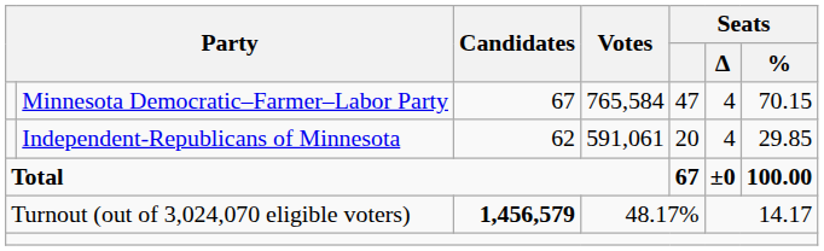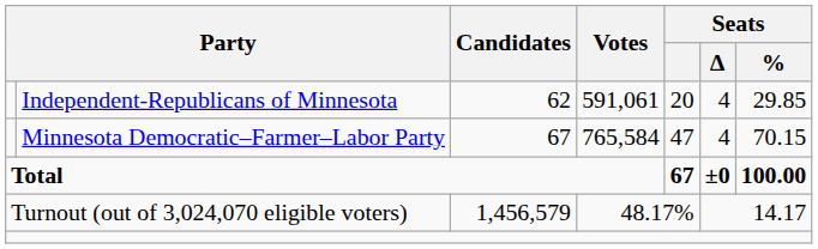 <table class="wikitable">
 <tr>
 <th rowspan="2" colspan="2">Party</th>
 <th rowspan="2">Candidates</th>
 <th rowspan="2" colspan="1">Votes</th>
 <th colspan="3">Seats</th>
 </tr>
 <tr>
 <th></th>
 <th>∆</th>
 <th>%</th>
 </tr>
 <tr>
 <td style="background-color:"></td>
+<td><a href='#'>Independent-Republicans of Minnesota</a></td>
+<td align="right">62</td>
+<td align="right">591,061</td>
+<td align="right">20</td>
+<td align="right">4</td>
+<td align="right">29.85</td>
+</tr>
+<tr>
+<td style="background-color:"></td>
 <td><a href='#'>Minnesota Democratic–Farmer–Labor Party</a></td>
 <td align="right">67</td>
 <td align="right">765,584</td>
 <td align="right">47</td>
 <td align="right">4</td>
 <td align="right">70.15</td>
-</tr>
-<tr>
-<td style="background-color:"></td>
-<td><a href='#'>Independent-Republicans of Minnesota</a></td>
-<td align="right">62</td>
-<td align="right">591,061</td>
-<td align="right">20</td>
-<td align="right">4</td>
-<td align="right">29.85</td>
 </tr>
 <tr>
 <td colspan="4" align="left"><strong>Total</strong></td>
 <td align="right"><strong>67</strong></td>
 <td align="right"><strong>±0</strong></td>
 <td align="right"><strong>100.00</strong></td>
 </tr>
 <tr>
 <td colspan="2" align="left">Turnout (out of 3,024,070 eligible voters)</td>
-<td colspan="1" align="right"><strong>1,456,579</strong></td>
+<td colspan="1" align="right">1,456,579</td>
 <td colspan="2" align="right">48.17%</td>
 <td colspan="2" align="right">14.17 </td>
 </tr>
 <tr>
 <td colspan="7"></td>
 </tr>
 </table>
